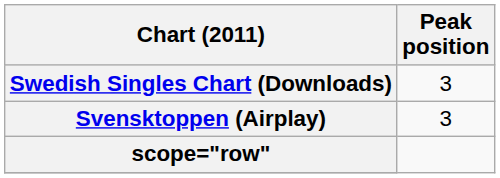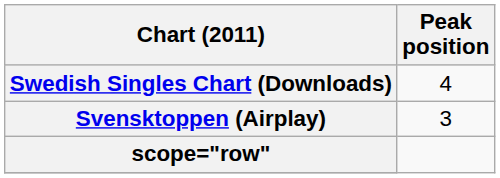 <table class="wikitable sortable plainrowheaders">
 <tr>
 <th scope="col">Chart (2011)</th>
 <th scope="col">Peak<br>position</th>
 </tr>
 <tr>
 <th scope="row"><a href='#'>Swedish Singles Chart</a> (Downloads)</th>
-<td style="text-align:center;">3</td>
+<td style="text-align:center;">4</td>
 </tr>
 <tr>
 <th scope="row"><a href='#'>Svensktoppen</a> (Airplay)</th>
 <td style="text-align:center;">3</td>
 </tr>
 <tr>
 <th>scope="row" </th>
 </tr>
 <tr>
 </tr>
 </table>
